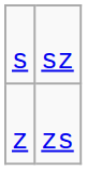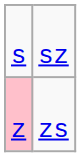 <table class="wikitable" style="line-height: 1.2">
 <tr align=center>
 <td> <br> <a href='#'>s</a></td>
 <td> <br> <a href='#'>sz</a></td>
 </tr>
 <tr align=center>
-<td> <br> <a href='#'>z</a></td>
+<td style="background: pink;"> <br> <a href='#'>z</a></td>
 <td> <br> <a href='#'>zs</a></td>
 </tr>
 </table>
